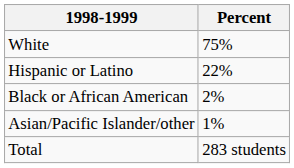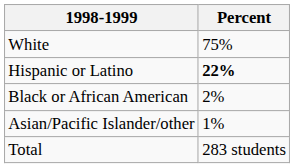 <table class="wikitable">
 <tr>
 <th>1998-1999</th>
 <th>Percent</th>
 </tr>
 <tr>
 <td>White</td>
 <td>75%</td>
 </tr>
 <tr>
 <td>Hispanic or Latino</td>
-<td>22%</td>
+<td><strong>22%</strong></td>
 </tr>
 <tr>
 <td>Black or African American</td>
 <td>2%</td>
 </tr>
 <tr>
 <td>Asian/Pacific Islander/other</td>
 <td>1%</td>
 </tr>
 <tr>
 <td>Total</td>
 <td>283 students</td>
 </tr>
 </table>
